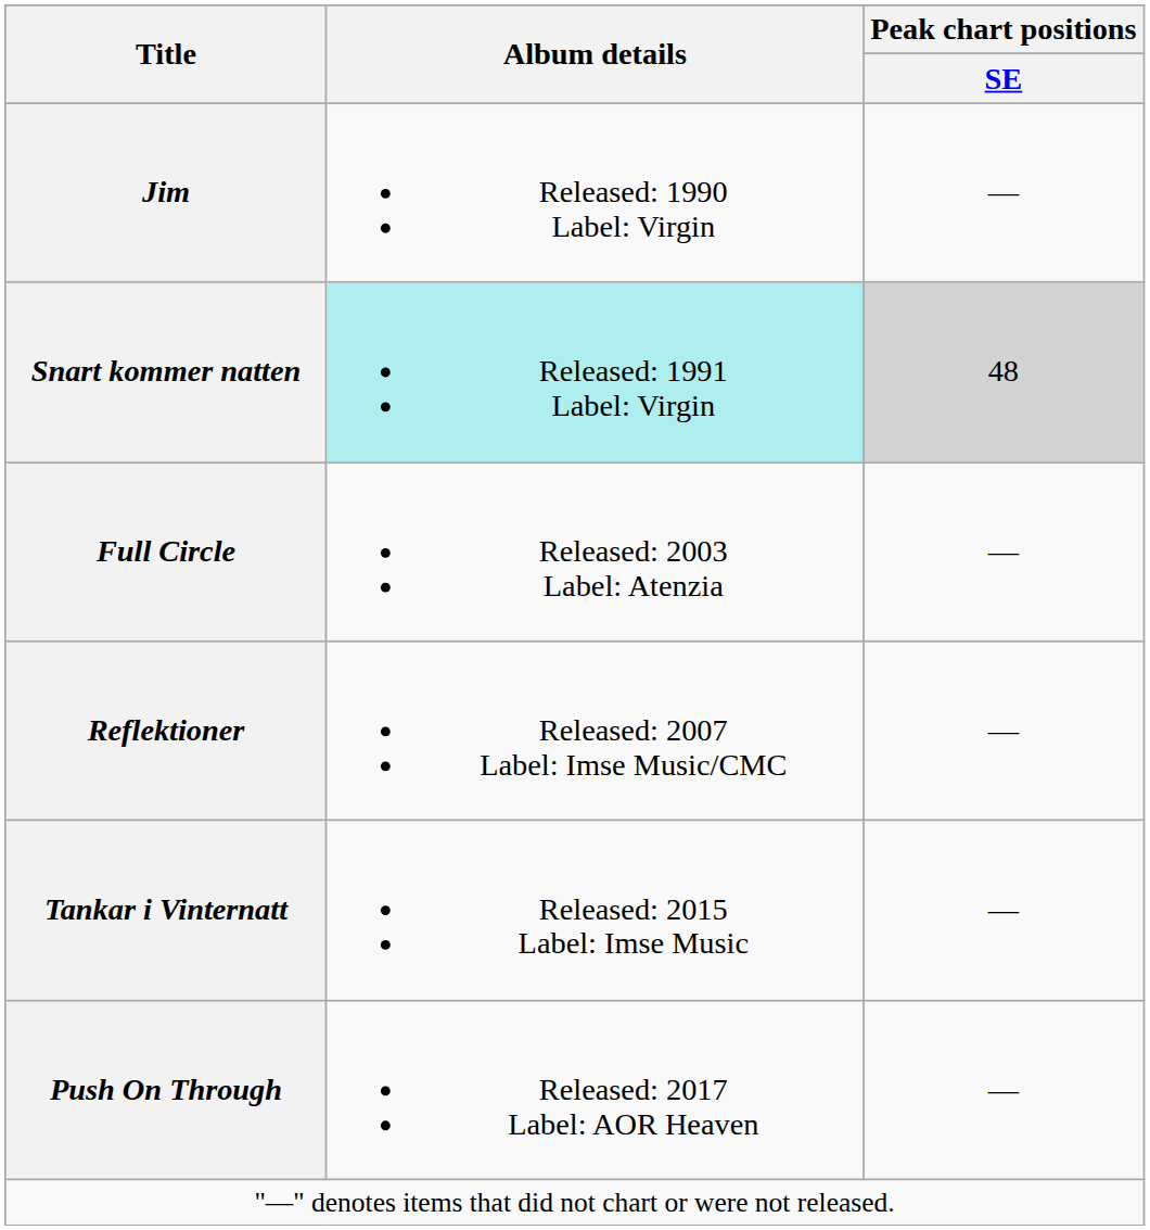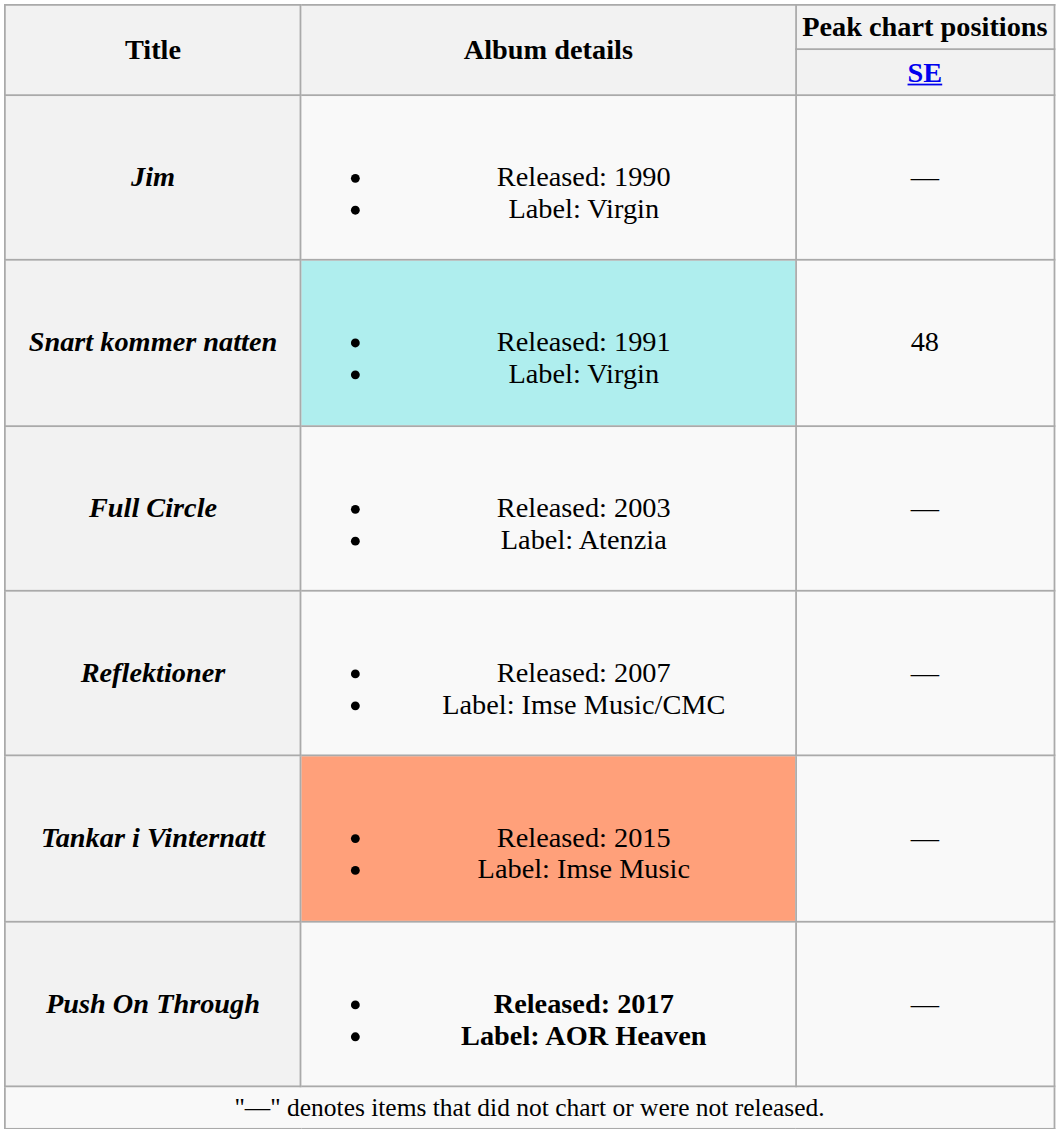 <table class="wikitable plainrowheaders" style="text-align:center;">
 <tr>
 <th scope="col" rowspan="2" style="width:10em;">Title</th>
 <th scope="col" rowspan="2" style="width:17em;">Album details</th>
 <th scope="col" colspan="1">Peak chart positions</th>
 </tr>
 <tr>
 <th><a href='#'>SE</a></th>
 </tr>
 <tr>
 <th scope="row"><em>Jim</em></th>
 <td><br><ul><li>Released: 1990</li><li>Label: Virgin</li></ul></td>
 <td>—</td>
 </tr>
 <tr>
 <th scope="row"><em>Snart kommer natten</em></th>
 <td style="background: paleturquoise;"><br><ul><li>Released: 1991</li><li>Label: Virgin</li></ul></td>
-<td style="background: lightgrey;">48</td>
+<td>48</td>
 </tr>
 <tr>
 <th scope="row"><em>Full Circle</em></th>
 <td><br><ul><li>Released: 2003</li><li>Label: Atenzia</li></ul></td>
 <td>—</td>
 </tr>
 <tr>
 <th scope="row"><em>Reflektioner</em></th>
 <td><br><ul><li>Released: 2007</li><li>Label: Imse Music/CMC</li></ul></td>
 <td>—</td>
 </tr>
 <tr>
 <th scope="row"><em>Tankar i Vinternatt</em></th>
-<td><br><ul><li>Released: 2015</li><li>Label: Imse Music</li></ul></td>
+<td style="background: lightsalmon;"><br><ul><li>Released: 2015</li><li>Label: Imse Music</li></ul></td>
 <td>—</td>
 </tr>
 <tr>
 <th scope="row"><em>Push On Through</em></th>
-<td><br><ul><li>Released: 2017</li><li>Label: AOR Heaven</li></ul></td>
+<td><strong><br><ul><li>Released: 2017</li><li>Label: AOR Heaven</li></ul></strong></td>
 <td>—</td>
 </tr>
 <tr>
 <td colspan="7" style="font-size:90%">"—" denotes items that did not chart or were not released.</td>
 </tr>
 </table>
